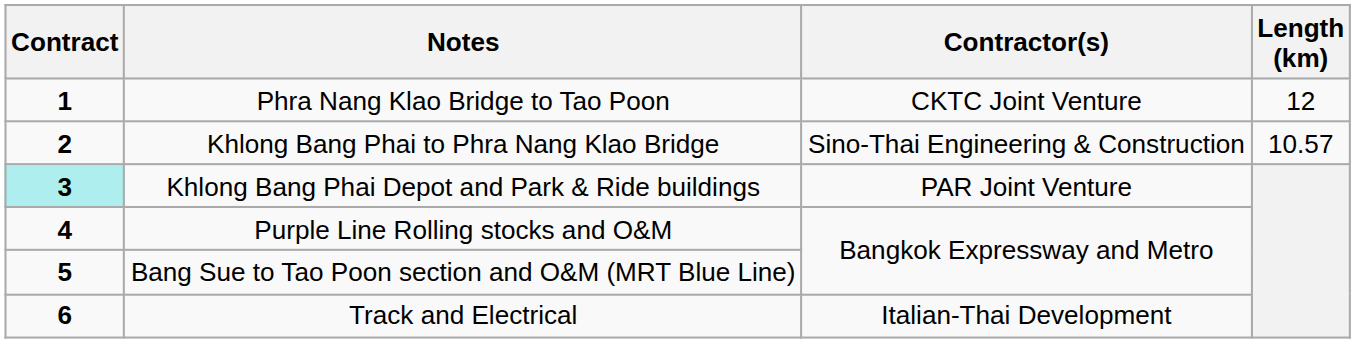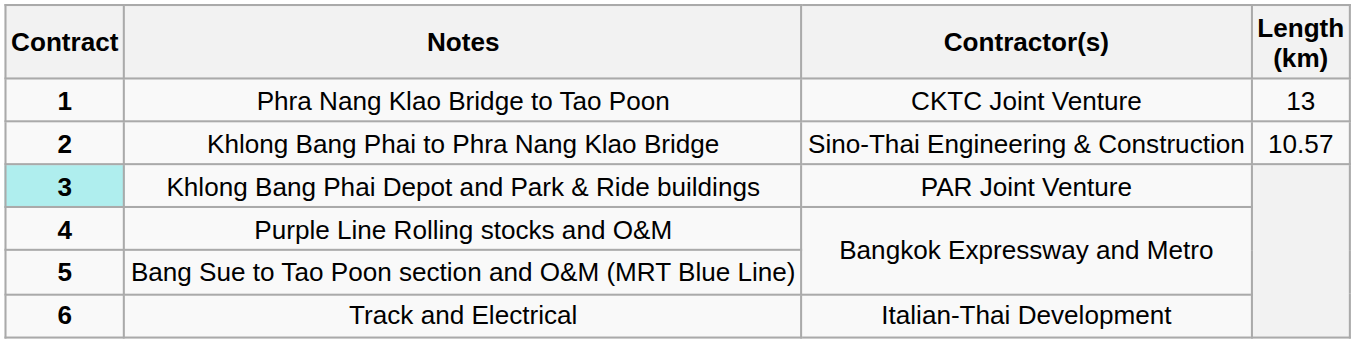 <table class="wikitable" style="margin:auto;font-align:center;text-align:center;font-size:80%;">
 <tr>
 <th style="background:#">Contract</th>
 <th style="background:#">Notes</th>
 <th style="background:#">Contractor(s)</th>
 <th style="background:#">Length<br>(km)</th>
 </tr>
 <tr>
 <td><strong>1</strong></td>
 <td>Phra Nang Klao Bridge to Tao Poon</td>
 <td>CKTC Joint Venture</td>
-<td>12</td>
+<td>13</td>
 </tr>
 <tr>
 <td><strong>2</strong></td>
 <td>Khlong Bang Phai to Phra Nang Klao Bridge</td>
 <td>Sino-Thai Engineering & Construction</td>
 <td>10.57</td>
 </tr>
 <tr>
 <td style="background: paleturquoise;"><strong>3</strong></td>
 <td>Khlong Bang Phai Depot and Park & Ride buildings</td>
 <td>PAR Joint Venture</td>
 <th rowspan="4"></th>
 </tr>
 <tr>
 <td><strong>4</strong></td>
 <td>Purple Line Rolling stocks and O&M</td>
 <td rowspan="2">Bangkok Expressway and Metro</td>
 </tr>
 <tr>
 <td><strong>5</strong></td>
 <td>Bang Sue to Tao Poon section and O&M (MRT Blue Line)</td>
 </tr>
 <tr>
 <td><strong>6</strong></td>
 <td>Track and Electrical</td>
 <td>Italian-Thai Development</td>
 </tr>
 </table>
